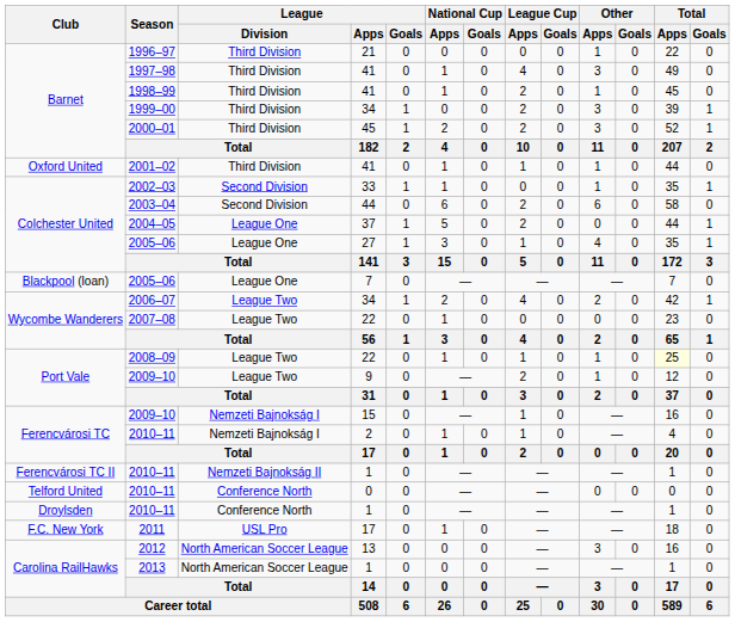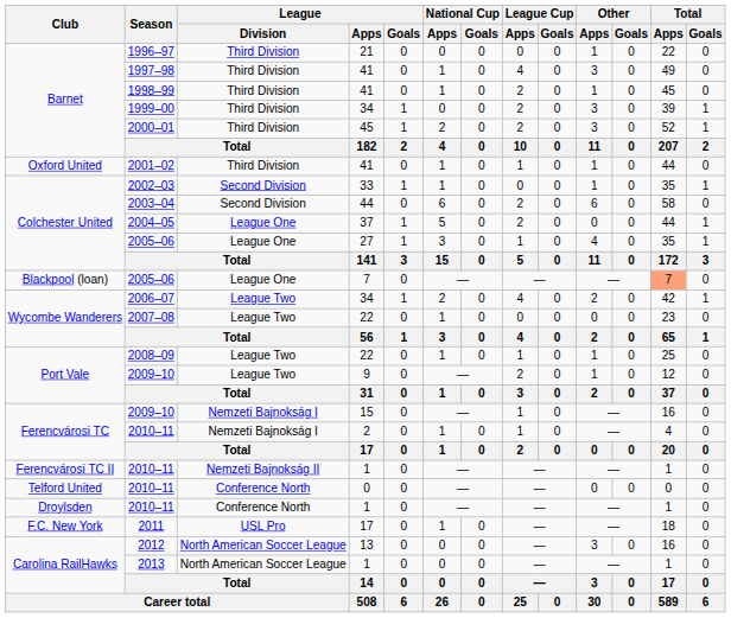 <table class="wikitable" style="text-align:center">
 <tr>
 <th rowspan="2">Club</th>
 <th rowspan="2">Season</th>
 <th colspan="3">League</th>
 <th colspan="2">National Cup</th>
 <th colspan="2">League Cup</th>
 <th colspan="2">Other</th>
 <th colspan="2">Total</th>
 </tr>
 <tr>
 <th>Division</th>
 <th>Apps</th>
 <th>Goals</th>
 <th>Apps</th>
 <th>Goals</th>
 <th>Apps</th>
 <th>Goals</th>
 <th>Apps</th>
 <th>Goals</th>
 <th>Apps</th>
 <th>Goals</th>
 </tr>
 <tr>
 <td rowspan="6"><a href='#'>Barnet</a></td>
 <td><a href='#'>1996–97</a></td>
 <td><a href='#'>Third Division</a></td>
 <td>21</td>
 <td>0</td>
 <td>0</td>
 <td>0</td>
 <td>0</td>
 <td>0</td>
 <td>1</td>
 <td>0</td>
 <td>22</td>
 <td>0</td>
 </tr>
 <tr>
 <td><a href='#'>1997–98</a></td>
 <td>Third Division</td>
 <td>41</td>
 <td>0</td>
 <td>1</td>
 <td>0</td>
 <td>4</td>
 <td>0</td>
 <td>3</td>
 <td>0</td>
 <td>49</td>
 <td>0</td>
 </tr>
 <tr>
 <td><a href='#'>1998–99</a></td>
 <td>Third Division</td>
 <td>41</td>
 <td>0</td>
 <td>1</td>
 <td>0</td>
 <td>2</td>
 <td>0</td>
 <td>1</td>
 <td>0</td>
 <td>45</td>
 <td>0</td>
 </tr>
 <tr>
 <td><a href='#'>1999–00</a></td>
 <td>Third Division</td>
 <td>34</td>
 <td>1</td>
 <td>0</td>
 <td>0</td>
 <td>2</td>
 <td>0</td>
 <td>3</td>
 <td>0</td>
 <td>39</td>
 <td>1</td>
 </tr>
 <tr>
 <td><a href='#'>2000–01</a></td>
 <td>Third Division</td>
 <td>45</td>
 <td>1</td>
 <td>2</td>
 <td>0</td>
 <td>2</td>
 <td>0</td>
 <td>3</td>
 <td>0</td>
 <td>52</td>
 <td>1</td>
 </tr>
 <tr>
 <th colspan="2">Total</th>
 <th>182</th>
 <th>2</th>
 <th>4</th>
 <th>0</th>
 <th>10</th>
 <th>0</th>
 <th>11</th>
 <th>0</th>
 <th>207</th>
 <th>2</th>
 </tr>
 <tr>
 <td><a href='#'>Oxford United</a></td>
 <td><a href='#'>2001–02</a></td>
 <td>Third Division</td>
 <td>41</td>
 <td>0</td>
 <td>1</td>
 <td>0</td>
 <td>1</td>
 <td>0</td>
 <td>1</td>
 <td>0</td>
 <td>44</td>
 <td>0</td>
 </tr>
 <tr>
 <td rowspan="5"><a href='#'>Colchester United</a></td>
 <td><a href='#'>2002–03</a></td>
 <td><a href='#'>Second Division</a></td>
 <td>33</td>
 <td>1</td>
 <td>1</td>
 <td>0</td>
 <td>0</td>
 <td>0</td>
 <td>1</td>
 <td>0</td>
 <td>35</td>
 <td>1</td>
 </tr>
 <tr>
 <td><a href='#'>2003–04</a></td>
 <td>Second Division</td>
 <td>44</td>
 <td>0</td>
 <td>6</td>
 <td>0</td>
 <td>2</td>
 <td>0</td>
 <td>6</td>
 <td>0</td>
 <td>58</td>
 <td>0</td>
 </tr>
 <tr>
 <td><a href='#'>2004–05</a></td>
 <td><a href='#'>League One</a></td>
 <td>37</td>
 <td>1</td>
 <td>5</td>
 <td>0</td>
 <td>2</td>
 <td>0</td>
 <td>0</td>
 <td>0</td>
 <td>44</td>
 <td>1</td>
 </tr>
 <tr>
 <td><a href='#'>2005–06</a></td>
 <td>League One</td>
 <td>27</td>
 <td>1</td>
 <td>3</td>
 <td>0</td>
 <td>1</td>
 <td>0</td>
 <td>4</td>
 <td>0</td>
 <td>35</td>
 <td>1</td>
 </tr>
 <tr>
 <th colspan="2">Total</th>
 <th>141</th>
 <th>3</th>
 <th>15</th>
 <th>0</th>
 <th>5</th>
 <th>0</th>
 <th>11</th>
 <th>0</th>
 <th>172</th>
 <th>3</th>
 </tr>
 <tr>
 <td><a href='#'>Blackpool</a> (loan)</td>
 <td><a href='#'>2005–06</a></td>
 <td>League One</td>
 <td>7</td>
 <td>0</td>
 <td colspan="2">—</td>
 <td colspan="2">—</td>
 <td colspan="2">—</td>
-<td>7</td>
+<td style="background: lightsalmon;">7</td>
 <td>0</td>
 </tr>
 <tr>
 <td rowspan="3"><a href='#'>Wycombe Wanderers</a></td>
 <td><a href='#'>2006–07</a></td>
 <td><a href='#'>League Two</a></td>
 <td>34</td>
 <td>1</td>
 <td>2</td>
 <td>0</td>
 <td>4</td>
 <td>0</td>
 <td>2</td>
 <td>0</td>
 <td>42</td>
 <td>1</td>
 </tr>
 <tr>
 <td><a href='#'>2007–08</a></td>
 <td>League Two</td>
 <td>22</td>
 <td>0</td>
 <td>1</td>
 <td>0</td>
 <td>0</td>
 <td>0</td>
 <td>0</td>
 <td>0</td>
 <td>23</td>
 <td>0</td>
 </tr>
 <tr>
 <th colspan="2">Total</th>
 <th>56</th>
 <th>1</th>
 <th>3</th>
 <th>0</th>
 <th>4</th>
 <th>0</th>
 <th>2</th>
 <th>0</th>
 <th>65</th>
 <th>1</th>
 </tr>
 <tr>
 <td rowspan="3"><a href='#'>Port Vale</a></td>
 <td><a href='#'>2008–09</a></td>
 <td>League Two</td>
 <td>22</td>
 <td>0</td>
 <td>1</td>
 <td>0</td>
 <td>1</td>
 <td>0</td>
 <td>1</td>
 <td>0</td>
-<td style="background: lightyellow;">25</td>
+<td>25</td>
 <td>0</td>
 </tr>
 <tr>
 <td><a href='#'>2009–10</a></td>
 <td>League Two</td>
 <td>9</td>
 <td>0</td>
 <td colspan="2">—</td>
 <td>2</td>
 <td>0</td>
 <td>1</td>
 <td>0</td>
 <td>12</td>
 <td>0</td>
 </tr>
 <tr>
 <th colspan="2">Total</th>
 <th>31</th>
 <th>0</th>
 <th>1</th>
 <th>0</th>
 <th>3</th>
 <th>0</th>
 <th>2</th>
 <th>0</th>
 <th>37</th>
 <th>0</th>
 </tr>
 <tr>
 <td rowspan="3"><a href='#'>Ferencvárosi TC</a></td>
 <td><a href='#'>2009–10</a></td>
 <td><a href='#'>Nemzeti Bajnokság I</a></td>
 <td>15</td>
 <td>0</td>
 <td colspan="2">—</td>
 <td>1</td>
 <td>0</td>
 <td colspan="2">—</td>
 <td>16</td>
 <td>0</td>
 </tr>
 <tr>
 <td><a href='#'>2010–11</a></td>
 <td>Nemzeti Bajnokság I</td>
 <td>2</td>
 <td>0</td>
 <td>1</td>
 <td>0</td>
 <td>1</td>
 <td>0</td>
 <td colspan="2">—</td>
 <td>4</td>
 <td>0</td>
 </tr>
 <tr>
 <th colspan="2">Total</th>
 <th>17</th>
 <th>0</th>
 <th>1</th>
 <th>0</th>
 <th>2</th>
 <th>0</th>
 <th>0</th>
 <th>0</th>
 <th>20</th>
 <th>0</th>
 </tr>
 <tr>
 <td><a href='#'>Ferencvárosi TC II</a></td>
 <td><a href='#'>2010–11</a></td>
 <td><a href='#'>Nemzeti Bajnokság II</a></td>
 <td>1</td>
 <td>0</td>
 <td colspan="2">—</td>
 <td colspan="2">—</td>
 <td colspan="2">—</td>
 <td>1</td>
 <td>0</td>
 </tr>
 <tr>
 <td><a href='#'>Telford United</a></td>
 <td><a href='#'>2010–11</a></td>
 <td><a href='#'>Conference North</a></td>
 <td>0</td>
 <td>0</td>
 <td colspan="2">—</td>
 <td colspan="2">—</td>
 <td>0</td>
 <td>0</td>
 <td>0</td>
 <td>0</td>
 </tr>
 <tr>
 <td><a href='#'>Droylsden</a></td>
 <td><a href='#'>2010–11</a></td>
 <td>Conference North</td>
 <td>1</td>
 <td>0</td>
 <td colspan="2">—</td>
 <td colspan="2">—</td>
 <td colspan="2">—</td>
 <td>1</td>
 <td>0</td>
 </tr>
 <tr>
 <td><a href='#'>F.C. New York</a></td>
 <td><a href='#'>2011</a></td>
 <td><a href='#'>USL Pro</a></td>
 <td>17</td>
 <td>0</td>
 <td>1</td>
 <td>0</td>
 <td colspan="2">—</td>
 <td colspan="2">—</td>
 <td>18</td>
 <td>0</td>
 </tr>
 <tr>
 <td rowspan="3"><a href='#'>Carolina RailHawks</a></td>
 <td><a href='#'>2012</a></td>
 <td><a href='#'>North American Soccer League</a></td>
 <td>13</td>
 <td>0</td>
 <td>0</td>
 <td>0</td>
 <td colspan="2">—</td>
 <td>3</td>
 <td>0</td>
 <td>16</td>
 <td>0</td>
 </tr>
 <tr>
 <td><a href='#'>2013</a></td>
 <td>North American Soccer League</td>
 <td>1</td>
 <td>0</td>
 <td>0</td>
 <td>0</td>
 <td colspan="2">—</td>
 <td colspan="2">—</td>
 <td>1</td>
 <td>0</td>
 </tr>
 <tr>
 <th colspan="2">Total</th>
 <th>14</th>
 <th>0</th>
 <th>0</th>
 <th>0</th>
 <th colspan="2">—</th>
 <th>3</th>
 <th>0</th>
 <th>17</th>
 <th>0</th>
 </tr>
 <tr>
 <th colspan="3">Career total</th>
 <th>508</th>
 <th>6</th>
 <th>26</th>
 <th>0</th>
 <th>25</th>
 <th>0</th>
 <th>30</th>
 <th>0</th>
 <th>589</th>
 <th>6</th>
 </tr>
 </table>
